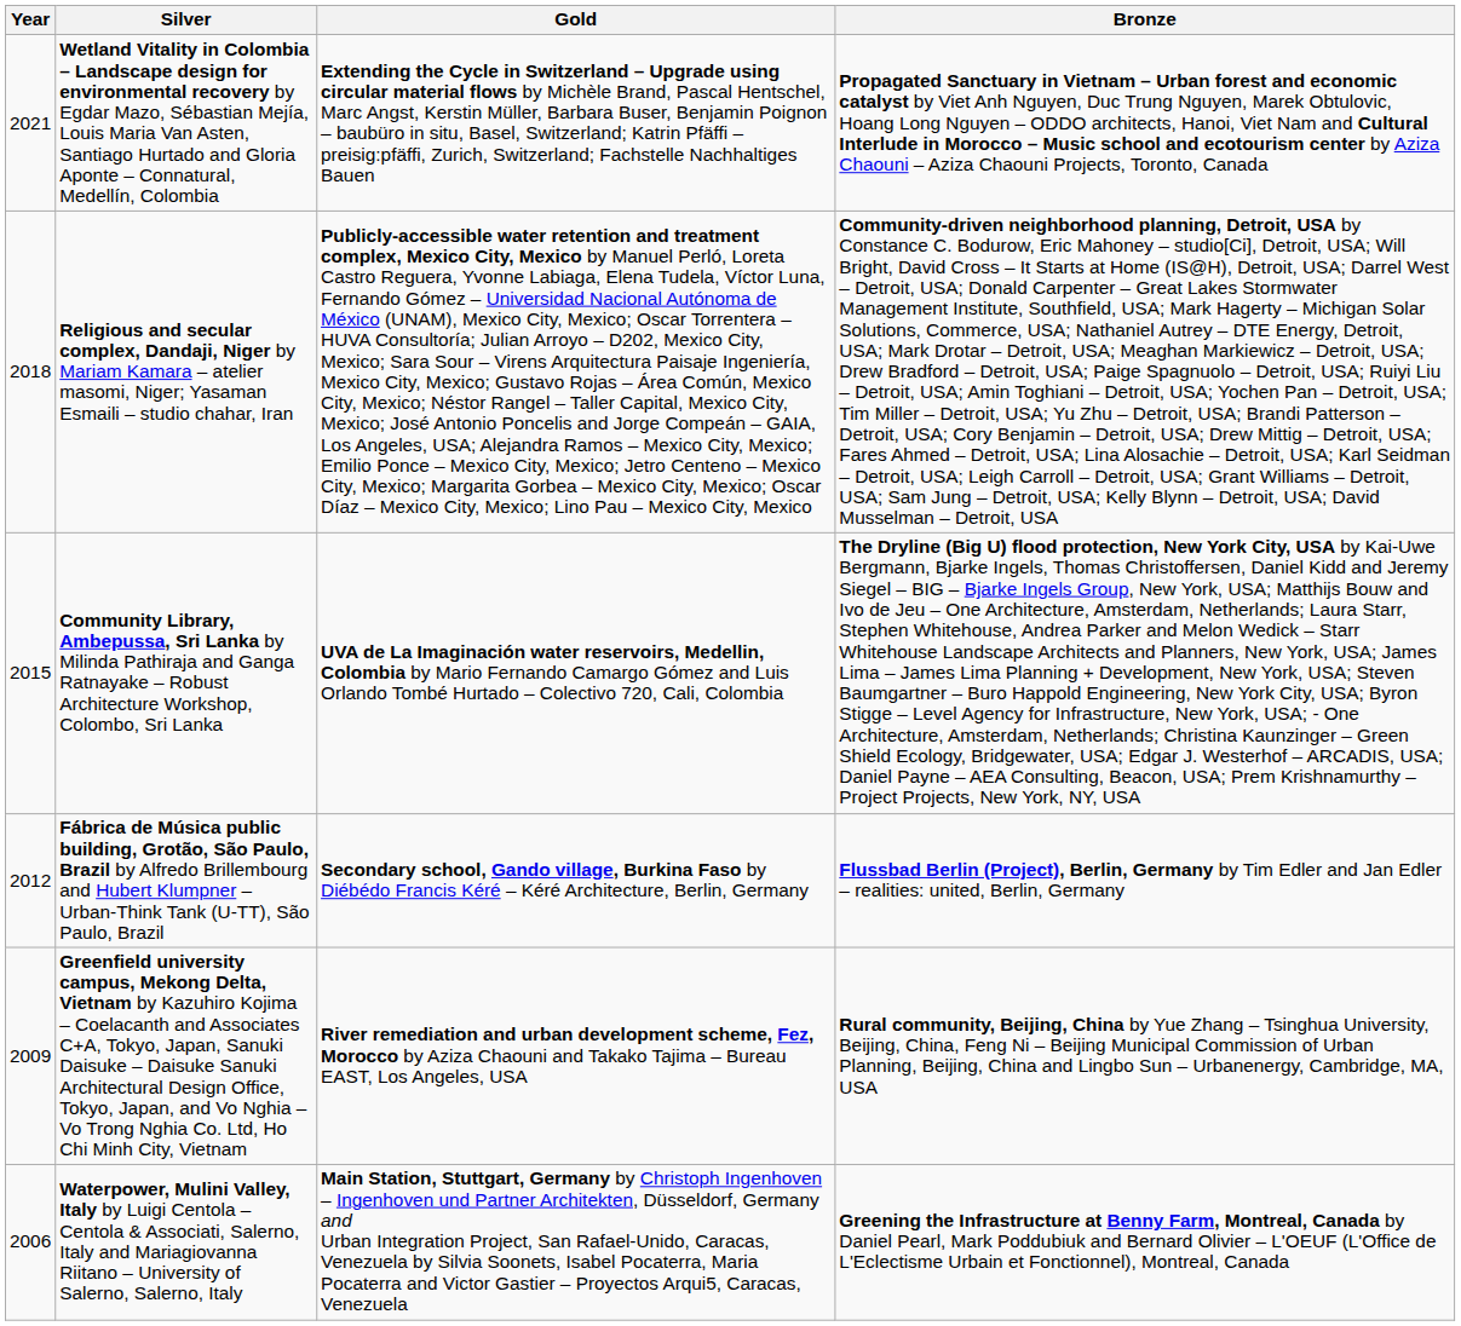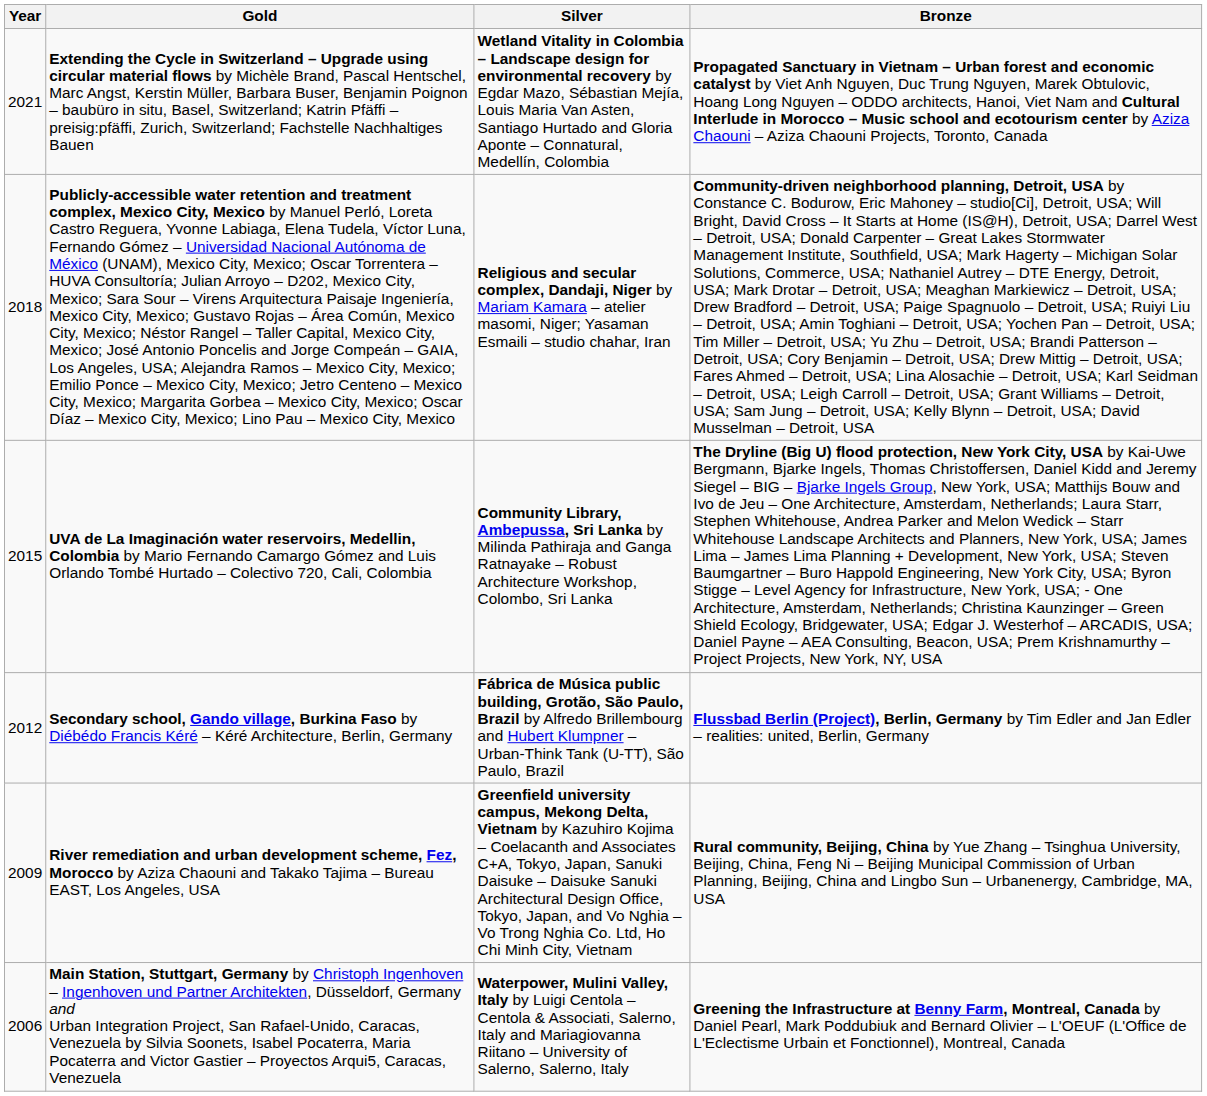 <table class="wikitable">
 <tr ->
 <th>Year</th>
+<th>Gold</th>
 <th>Silver</th>
-<th>Gold</th>
 <th>Bronze</th>
 </tr>
 <tr>
 <td>2021</td>
+<td><strong>Extending the Cycle in Switzerland – Upgrade using circular material flows</strong> by Michèle Brand, Pascal Hentschel, Marc Angst, Kerstin Müller, Barbara Buser, Benjamin Poignon – baubüro in situ, Basel, Switzerland; Katrin Pfäffi – preisig:pfäffi, Zurich, Switzerland; Fachstelle Nachhaltiges Bauen</td>
 <td><strong>Wetland Vitality in Colombia – Landscape design for environmental recovery</strong> by Egdar Mazo, Sébastian Mejía, Louis Maria Van Asten, Santiago Hurtado and Gloria Aponte – Connatural, Medellín, Colombia</td>
-<td><strong>Extending the Cycle in Switzerland – Upgrade using circular material flows</strong> by Michèle Brand, Pascal Hentschel, Marc Angst, Kerstin Müller, Barbara Buser, Benjamin Poignon – baubüro in situ, Basel, Switzerland; Katrin Pfäffi – preisig:pfäffi, Zurich, Switzerland; Fachstelle Nachhaltiges Bauen</td>
 <td><strong>Propagated Sanctuary in Vietnam – Urban forest and economic catalyst</strong> by Viet Anh Nguyen, Duc Trung Nguyen, Marek Obtulovic, Hoang Long Nguyen – ODDO architects, Hanoi, Viet Nam and <strong>Cultural Interlude in Morocco – Music school and ecotourism center</strong> by <a href='#'>Aziza Chaouni</a> – Aziza Chaouni Projects, Toronto, Canada</td>
 </tr>
 <tr>
 <td>2018</td>
+<td><strong>Publicly-accessible water retention and treatment complex, Mexico City, Mexico</strong> by Manuel Perló, Loreta Castro Reguera, Yvonne Labiaga, Elena Tudela, Víctor Luna, Fernando Gómez – <a href='#'>Universidad Nacional Autónoma de México</a> (UNAM), Mexico City, Mexico; Oscar Torrentera – HUVA Consultoría; Julian Arroyo – D202, Mexico City, Mexico; Sara Sour – Virens Arquitectura Paisaje Ingeniería, Mexico City, Mexico; Gustavo Rojas – Área Común, Mexico City, Mexico; Néstor Rangel – Taller Capital, Mexico City, Mexico; José Antonio Poncelis and Jorge Compeán – GAIA, Los Angeles, USA; Alejandra Ramos – Mexico City, Mexico; Emilio Ponce – Mexico City, Mexico; Jetro Centeno – Mexico City, Mexico; Margarita Gorbea – Mexico City, Mexico; Oscar Díaz – Mexico City, Mexico; Lino Pau – Mexico City, Mexico</td>
 <td><strong>Religious and secular complex, Dandaji, Niger</strong> by <a href='#'>Mariam Kamara</a> – atelier masomi, Niger; Yasaman Esmaili – studio chahar, Iran</td>
-<td><strong>Publicly-accessible water retention and treatment complex, Mexico City, Mexico</strong> by Manuel Perló, Loreta Castro Reguera, Yvonne Labiaga, Elena Tudela, Víctor Luna, Fernando Gómez – <a href='#'>Universidad Nacional Autónoma de México</a> (UNAM), Mexico City, Mexico; Oscar Torrentera – HUVA Consultoría; Julian Arroyo – D202, Mexico City, Mexico; Sara Sour – Virens Arquitectura Paisaje Ingeniería, Mexico City, Mexico; Gustavo Rojas – Área Común, Mexico City, Mexico; Néstor Rangel – Taller Capital, Mexico City, Mexico; José Antonio Poncelis and Jorge Compeán – GAIA, Los Angeles, USA; Alejandra Ramos – Mexico City, Mexico; Emilio Ponce – Mexico City, Mexico; Jetro Centeno – Mexico City, Mexico; Margarita Gorbea – Mexico City, Mexico; Oscar Díaz – Mexico City, Mexico; Lino Pau – Mexico City, Mexico</td>
 <td><strong>Community-driven neighborhood planning, Detroit, USA</strong> by Constance C. Bodurow, Eric Mahoney – studio[Ci], Detroit, USA; Will Bright, David Cross – It Starts at Home (IS@H), Detroit, USA; Darrel West – Detroit, USA; Donald Carpenter – Great Lakes Stormwater Management Institute, Southfield, USA; Mark Hagerty – Michigan Solar Solutions, Commerce, USA; Nathaniel Autrey – DTE Energy, Detroit, USA; Mark Drotar – Detroit, USA; Meaghan Markiewicz – Detroit, USA; Drew Bradford – Detroit, USA; Paige Spagnuolo – Detroit, USA; Ruiyi Liu – Detroit, USA; Amin Toghiani – Detroit, USA; Yochen Pan – Detroit, USA; Tim Miller – Detroit, USA; Yu Zhu – Detroit, USA; Brandi Patterson – Detroit, USA; Cory Benjamin – Detroit, USA; Drew Mittig – Detroit, USA; Fares Ahmed – Detroit, USA; Lina Alosachie – Detroit, USA; Karl Seidman – Detroit, USA; Leigh Carroll – Detroit, USA; Grant Williams – Detroit, USA; Sam Jung – Detroit, USA; Kelly Blynn – Detroit, USA; David Musselman – Detroit, USA</td>
 </tr>
 <tr>
 <td>2015</td>
+<td><strong>UVA de La Imaginación water reservoirs, Medellin, Colombia</strong> by Mario Fernando Camargo Gómez and Luis Orlando Tombé Hurtado – Colectivo 720, Cali, Colombia</td>
 <td><strong>Community Library, <a href='#'>Ambepussa</a>, Sri Lanka</strong> by Milinda Pathiraja and Ganga Ratnayake – Robust Architecture Workshop, Colombo, Sri Lanka</td>
-<td><strong>UVA de La Imaginación water reservoirs, Medellin, Colombia</strong> by Mario Fernando Camargo Gómez and Luis Orlando Tombé Hurtado – Colectivo 720, Cali, Colombia</td>
 <td><strong>The Dryline (Big U) flood protection, New York City, USA</strong> by Kai-Uwe Bergmann, Bjarke Ingels, Thomas Christoffersen, Daniel Kidd and Jeremy Siegel – BIG – <a href='#'>Bjarke Ingels Group</a>, New York, USA; Matthijs Bouw and Ivo de Jeu – One Architecture, Amsterdam, Netherlands; Laura Starr, Stephen Whitehouse, Andrea Parker and Melon Wedick – Starr Whitehouse Landscape Architects and Planners, New York, USA; James Lima – James Lima Planning + Development, New York, USA; Steven Baumgartner – Buro Happold Engineering, New York City, USA; Byron Stigge – Level Agency for Infrastructure, New York, USA; - One Architecture, Amsterdam, Netherlands; Christina Kaunzinger – Green Shield Ecology, Bridgewater, USA; Edgar J. Westerhof – ARCADIS, USA; Daniel Payne – AEA Consulting, Beacon, USA; Prem Krishnamurthy – Project Projects, New York, NY, USA</td>
 </tr>
 <tr>
 <td>2012</td>
+<td><strong>Secondary school, <a href='#'>Gando village</a>, Burkina Faso</strong> by <a href='#'>Diébédo Francis Kéré</a> – Kéré Architecture, Berlin, Germany</td>
 <td><strong>Fábrica de Música public building, Grotão, São Paulo, Brazil</strong> by Alfredo Brillembourg and <a href='#'>Hubert Klumpner</a> – Urban-Think Tank (U-TT), São Paulo, Brazil</td>
-<td><strong>Secondary school, <a href='#'>Gando village</a>, Burkina Faso</strong> by <a href='#'>Diébédo Francis Kéré</a> – Kéré Architecture, Berlin, Germany</td>
 <td><strong><a href='#'>Flussbad Berlin (Project)</a>, Berlin, Germany</strong> by Tim Edler and Jan Edler – realities: united, Berlin, Germany</td>
 </tr>
 <tr>
 <td>2009</td>
+<td><strong>River remediation and urban development scheme, <a href='#'>Fez</a>, Morocco</strong> by Aziza Chaouni and Takako Tajima – Bureau EAST, Los Angeles, USA</td>
 <td><strong>Greenfield university campus, Mekong Delta, Vietnam</strong> by Kazuhiro Kojima – Coelacanth and Associates C+A, Tokyo, Japan, Sanuki Daisuke – Daisuke Sanuki Architectural Design Office, Tokyo, Japan, and Vo Nghia – Vo Trong Nghia Co. Ltd, Ho Chi Minh City, Vietnam</td>
-<td><strong>River remediation and urban development scheme, <a href='#'>Fez</a>, Morocco</strong> by Aziza Chaouni and Takako Tajima – Bureau EAST, Los Angeles, USA</td>
 <td><strong>Rural community, Beijing, China</strong> by Yue Zhang – Tsinghua University, Beijing, China, Feng Ni – Beijing Municipal Commission of Urban Planning, Beijing, China and Lingbo Sun – Urbanenergy, Cambridge, MA, USA</td>
 </tr>
 <tr>
 <td>2006</td>
+<td><strong>Main Station, Stuttgart, Germany</strong> by <a href='#'>Christoph Ingenhoven</a> – <a href='#'>Ingenhoven und Partner Architekten</a>, Düsseldorf, Germany <em>and</em> <br>  Urban Integration Project, San Rafael-Unido, Caracas, Venezuela by Silvia Soonets, Isabel Pocaterra, Maria Pocaterra and Victor Gastier – Proyectos Arqui5, Caracas, Venezuela</td>
 <td><strong>Waterpower, Mulini Valley, Italy</strong> by Luigi Centola – Centola & Associati, Salerno, Italy and Mariagiovanna Riitano – University of Salerno, Salerno, Italy</td>
-<td><strong>Main Station, Stuttgart, Germany</strong> by <a href='#'>Christoph Ingenhoven</a> – <a href='#'>Ingenhoven und Partner Architekten</a>, Düsseldorf, Germany <em>and</em> <br>  Urban Integration Project, San Rafael-Unido, Caracas, Venezuela by Silvia Soonets, Isabel Pocaterra, Maria Pocaterra and Victor Gastier – Proyectos Arqui5, Caracas, Venezuela</td>
 <td><strong>Greening the Infrastructure at <a href='#'>Benny Farm</a>, Montreal, Canada</strong> by Daniel Pearl, Mark Poddubiuk and Bernard Olivier – L'OEUF (L'Office de L'Eclectisme Urbain et Fonctionnel), Montreal, Canada</td>
 </tr>
 </table>
